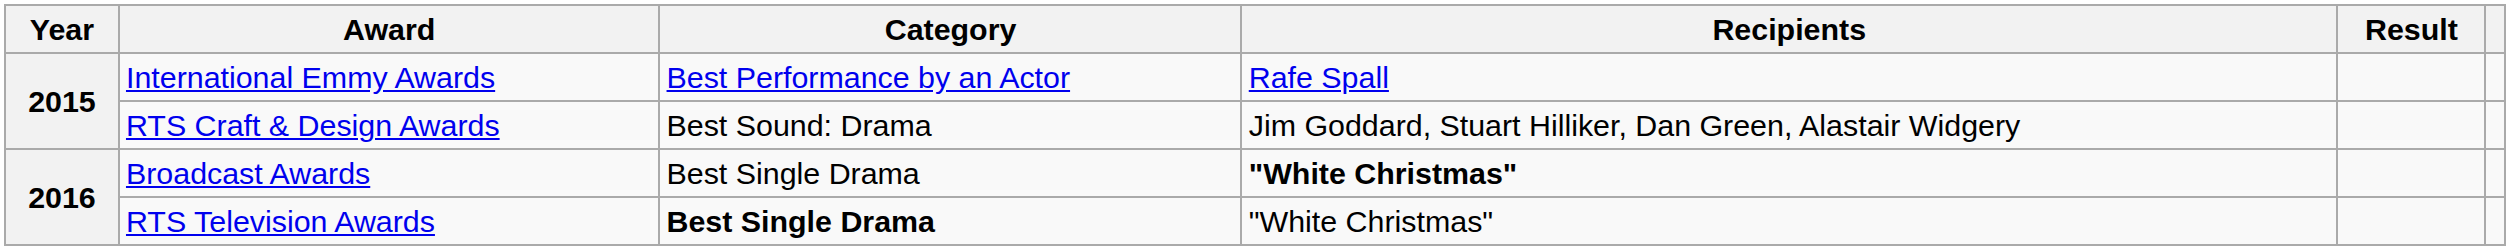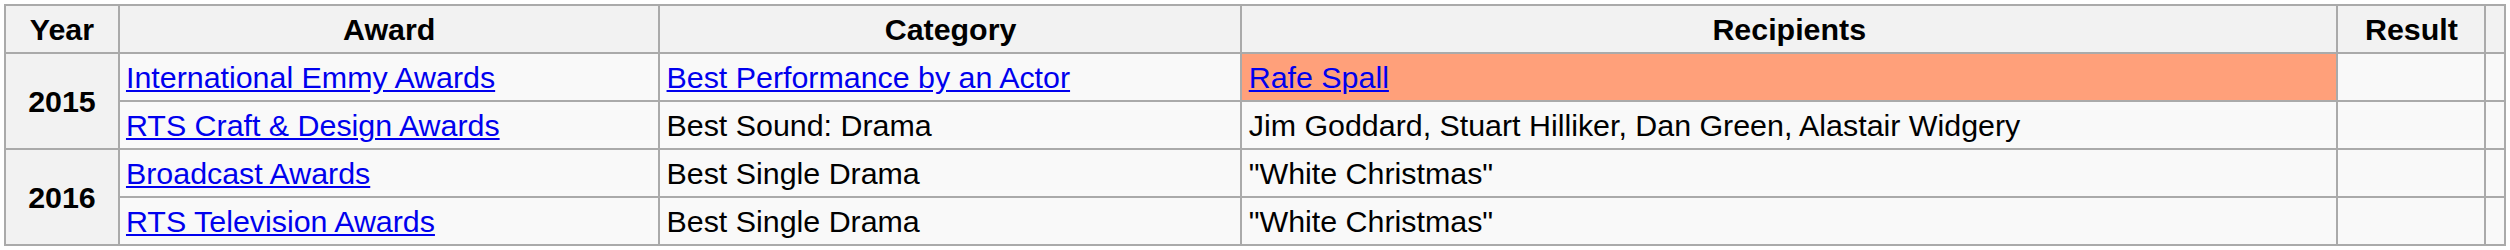 <table class="wikitable sortable" style="font-size:95%; width:99%;">
 <tr style="text-align:center;">
 <th scope="col">Year</th>
 <th scope="col">Award</th>
 <th scope="col">Category</th>
 <th scope="col">Recipients</th>
 <th scope="col">Result</th>
 <th scope="col" class="unsortable"></th>
 </tr>
 <tr>
 <th scope="row" style="text-align: center;" rowspan="2">2015</th>
 <td><a href='#'>International Emmy Awards</a></td>
 <td><a href='#'>Best Performance by an Actor</a></td>
-<td><a href='#'>Rafe Spall</a></td>
+<td style="background: lightsalmon;"><a href='#'>Rafe Spall</a></td>
 <td></td>
 <td align="center"></td>
 </tr>
 <tr>
 <td><a href='#'>RTS Craft & Design Awards</a></td>
 <td>Best Sound: Drama</td>
 <td>Jim Goddard, Stuart Hilliker, Dan Green, Alastair Widgery</td>
 <td></td>
 <td align="center"></td>
 </tr>
 <tr>
 <th scope="row" style="text-align: center;" rowspan="2">2016</th>
 <td><a href='#'>Broadcast Awards</a></td>
 <td>Best Single Drama</td>
-<td><strong>"White Christmas"</strong></td>
+<td>"White Christmas"</td>
 <td></td>
 <td align="center"></td>
 </tr>
 <tr>
 <td><a href='#'>RTS Television Awards</a></td>
-<td><strong>Best Single Drama</strong></td>
+<td>Best Single Drama</td>
 <td>"White Christmas"</td>
 <td></td>
 <td align="center"></td>
 </tr>
 </table>
